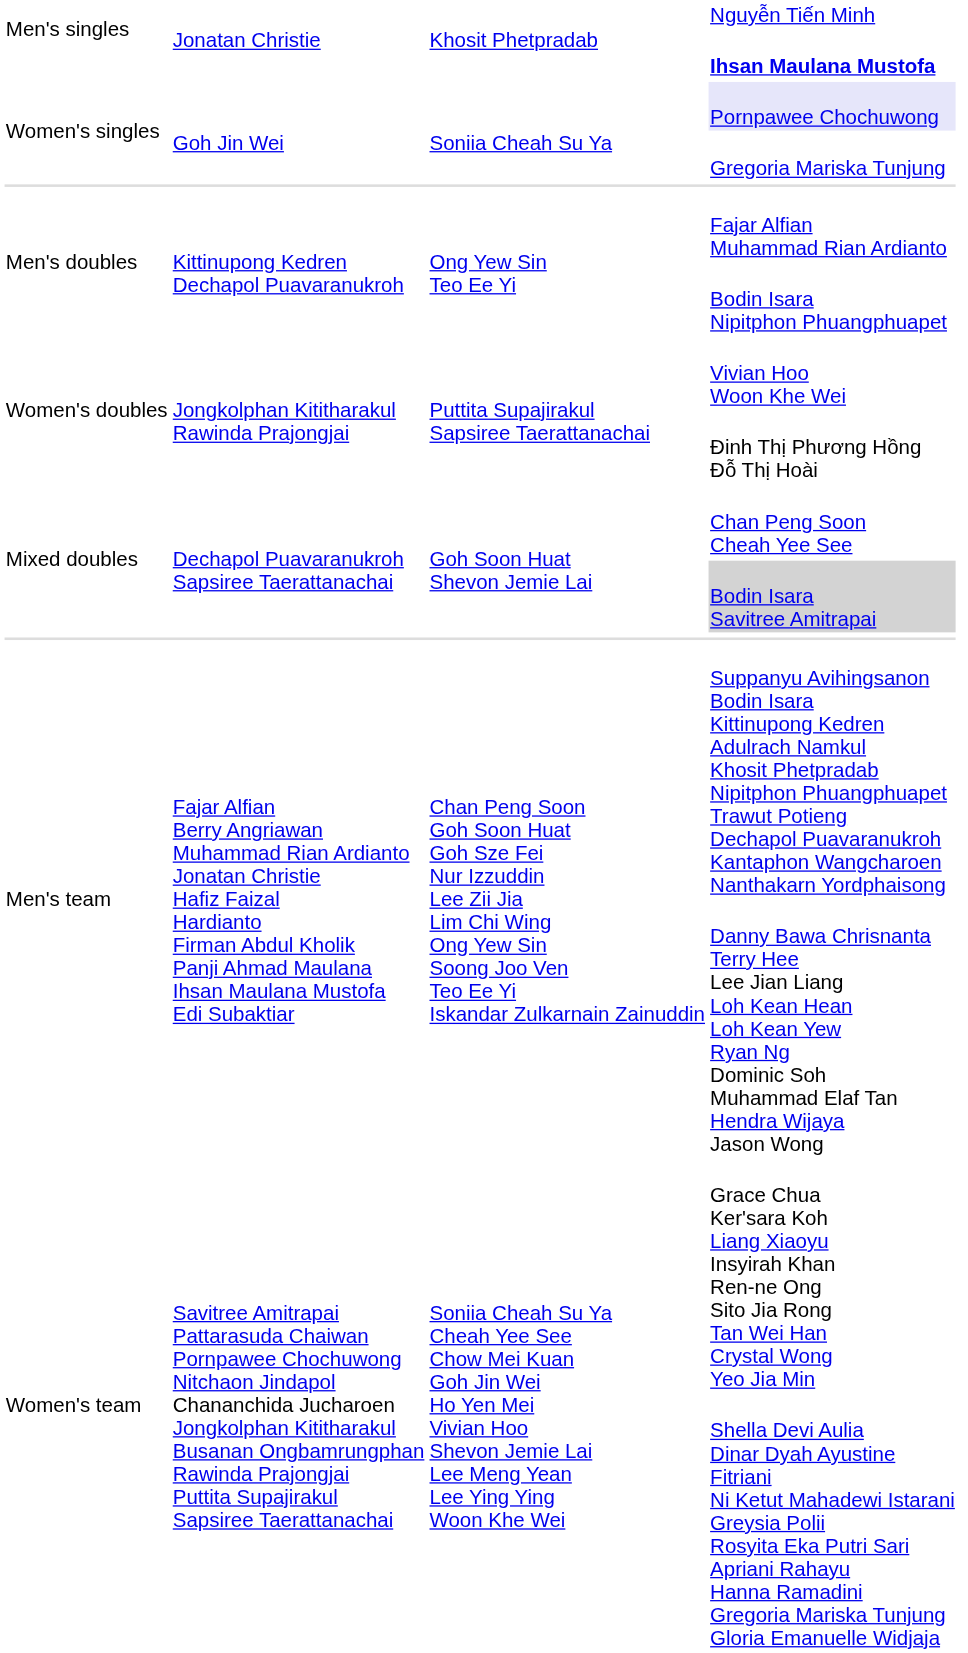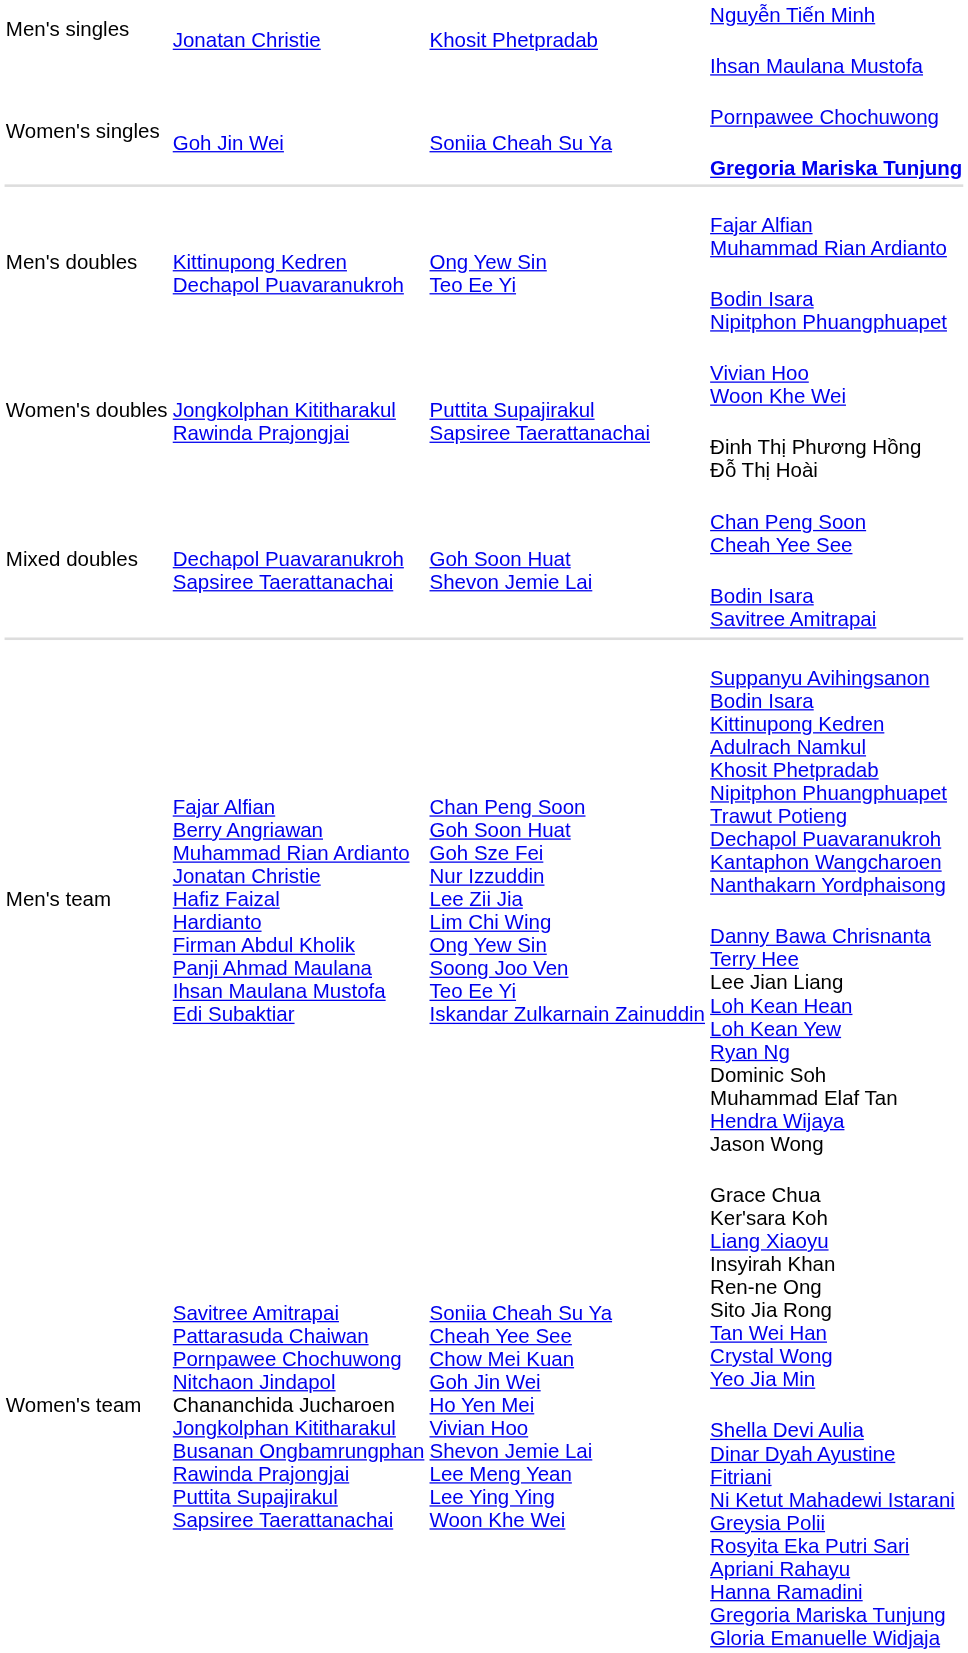 <table>
 <tr>
 <td rowspan=2>Men's singles<br></td>
 <td rowspan=2><br><a href='#'>Jonatan Christie</a></td>
 <td rowspan=2><br><a href='#'>Khosit Phetpradab</a></td>
 <td><br><a href='#'>Nguyễn Tiến Minh</a></td>
 </tr>
 <tr>
-<td><strong><br><a href='#'>Ihsan Maulana Mustofa</a></strong></td>
+<td><br><a href='#'>Ihsan Maulana Mustofa</a></td>
 </tr>
 <tr>
 <td rowspan=2>Women's singles<br></td>
 <td rowspan=2><br><a href='#'>Goh Jin Wei</a></td>
 <td rowspan=2><br><a href='#'>Soniia Cheah Su Ya</a></td>
-<td style="background: lavender;"><br><a href='#'>Pornpawee Chochuwong</a></td>
+<td><br><a href='#'>Pornpawee Chochuwong</a></td>
 </tr>
 <tr>
-<td><br><a href='#'>Gregoria Mariska Tunjung</a></td>
+<td><strong><br><a href='#'>Gregoria Mariska Tunjung</a></strong></td>
 </tr>
 <tr style="background:#dddddd;">
 <td colspan=7></td>
 </tr>
 <tr>
 <td rowspan=2>Men's doubles<br></td>
 <td rowspan=2><br><a href='#'>Kittinupong Kedren</a><br><a href='#'>Dechapol Puavaranukroh</a></td>
 <td rowspan=2><br><a href='#'>Ong Yew Sin</a><br><a href='#'>Teo Ee Yi</a></td>
 <td><br><a href='#'>Fajar Alfian</a><br><a href='#'>Muhammad Rian Ardianto</a></td>
 </tr>
 <tr>
 <td><br><a href='#'>Bodin Isara</a><br><a href='#'>Nipitphon Phuangphuapet</a></td>
 </tr>
 <tr>
 <td rowspan=2>Women's doubles<br></td>
 <td rowspan=2><br><a href='#'>Jongkolphan Kititharakul</a><br><a href='#'>Rawinda Prajongjai</a></td>
 <td rowspan=2><br><a href='#'>Puttita Supajirakul</a><br><a href='#'>Sapsiree Taerattanachai</a></td>
 <td><br><a href='#'>Vivian Hoo</a><br><a href='#'>Woon Khe Wei</a></td>
 </tr>
 <tr>
 <td><br>Đinh Thị Phương Hồng<br>Đỗ Thị Hoài</td>
 </tr>
 <tr>
 <td rowspan=2>Mixed doubles<br></td>
 <td rowspan=2><br><a href='#'>Dechapol Puavaranukroh</a><br><a href='#'>Sapsiree Taerattanachai</a></td>
 <td rowspan=2><br><a href='#'>Goh Soon Huat</a><br><a href='#'>Shevon Jemie Lai</a></td>
 <td><br><a href='#'>Chan Peng Soon</a><br><a href='#'>Cheah Yee See</a></td>
 </tr>
 <tr>
-<td style="background: lightgrey;"><br><a href='#'>Bodin Isara</a><br><a href='#'>Savitree Amitrapai</a></td>
+<td><br><a href='#'>Bodin Isara</a><br><a href='#'>Savitree Amitrapai</a></td>
 </tr>
 <tr>
 </tr>
 <tr style="background:#dddddd;">
 <td colspan=7></td>
 </tr>
 <tr>
 <td rowspan=2>Men's team<br></td>
 <td rowspan=2><br><a href='#'>Fajar Alfian</a><br><a href='#'>Berry Angriawan</a><br><a href='#'>Muhammad Rian Ardianto</a><br><a href='#'>Jonatan Christie</a><br><a href='#'>Hafiz Faizal</a><br><a href='#'>Hardianto</a><br><a href='#'>Firman Abdul Kholik</a><br><a href='#'>Panji Ahmad Maulana</a><br><a href='#'>Ihsan Maulana Mustofa</a><br><a href='#'>Edi Subaktiar</a></td>
 <td nowrap=true rowspan=2><br><a href='#'>Chan Peng Soon</a><br><a href='#'>Goh Soon Huat</a><br><a href='#'>Goh Sze Fei</a><br><a href='#'>Nur Izzuddin</a><br><a href='#'>Lee Zii Jia</a><br><a href='#'>Lim Chi Wing</a><br><a href='#'>Ong Yew Sin</a><br><a href='#'>Soong Joo Ven</a><br><a href='#'>Teo Ee Yi</a><br><a href='#'>Iskandar Zulkarnain Zainuddin</a></td>
 <td><br><a href='#'>Suppanyu Avihingsanon</a><br><a href='#'>Bodin Isara</a><br><a href='#'>Kittinupong Kedren</a><br><a href='#'>Adulrach Namkul</a><br><a href='#'>Khosit Phetpradab</a><br><a href='#'>Nipitphon Phuangphuapet</a><br><a href='#'>Trawut Potieng</a><br><a href='#'>Dechapol Puavaranukroh</a><br><a href='#'>Kantaphon Wangcharoen</a><br><a href='#'>Nanthakarn Yordphaisong</a></td>
 </tr>
 <tr>
 <td nowrap=true><br><a href='#'>Danny Bawa Chrisnanta</a><br><a href='#'>Terry Hee</a><br>Lee Jian Liang<br><a href='#'>Loh Kean Hean</a><br><a href='#'>Loh Kean Yew</a><br><a href='#'>Ryan Ng</a><br>Dominic Soh<br>Muhammad Elaf Tan<br><a href='#'>Hendra Wijaya</a><br>Jason Wong</td>
 </tr>
 <tr>
 <td rowspan=2>Women's team<br></td>
 <td nowrap=true rowspan=2><br><a href='#'>Savitree Amitrapai</a><br><a href='#'>Pattarasuda Chaiwan</a><br><a href='#'>Pornpawee Chochuwong</a><br><a href='#'>Nitchaon Jindapol</a><br>Chananchida Jucharoen<br><a href='#'>Jongkolphan Kititharakul</a><br><a href='#'>Busanan Ongbamrungphan</a><br><a href='#'>Rawinda Prajongjai</a><br><a href='#'>Puttita Supajirakul</a><br><a href='#'>Sapsiree Taerattanachai</a></td>
 <td rowspan=2><br><a href='#'>Soniia Cheah Su Ya</a><br><a href='#'>Cheah Yee See</a><br><a href='#'>Chow Mei Kuan</a><br><a href='#'>Goh Jin Wei</a><br><a href='#'>Ho Yen Mei</a><br><a href='#'>Vivian Hoo</a><br><a href='#'>Shevon Jemie Lai</a><br><a href='#'>Lee Meng Yean</a><br><a href='#'>Lee Ying Ying</a><br><a href='#'>Woon Khe Wei</a></td>
 <td><br>Grace Chua<br>Ker'sara Koh<br><a href='#'>Liang Xiaoyu</a><br>Insyirah Khan<br>Ren-ne Ong<br>Sito Jia Rong<br><a href='#'>Tan Wei Han</a><br><a href='#'>Crystal Wong</a><br><a href='#'>Yeo Jia Min</a></td>
 </tr>
 <tr>
 <td><br><a href='#'>Shella Devi Aulia</a><br><a href='#'>Dinar Dyah Ayustine</a><br><a href='#'>Fitriani</a><br><a href='#'>Ni Ketut Mahadewi Istarani</a><br><a href='#'>Greysia Polii</a><br><a href='#'>Rosyita Eka Putri Sari</a><br><a href='#'>Apriani Rahayu</a><br><a href='#'>Hanna Ramadini</a><br><a href='#'>Gregoria Mariska Tunjung</a><br><a href='#'>Gloria Emanuelle Widjaja</a></td>
 </tr>
 </table>
